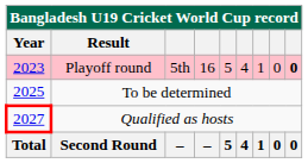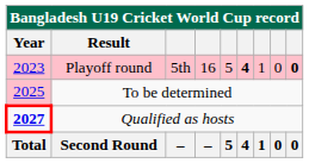 <table class="wikitable" style="text-align:center">
 <tr>
 <th style="color:white; background:#006A4E;" colspan=9>Bangladesh U19 Cricket World Cup record</th>
 </tr>
 <tr>
 <th>Year</th>
 <th>Result</th>
 <th></th>
 <th></th>
 <th></th>
 <th></th>
 <th></th>
 <th></th>
 <th></th>
 </tr>
 <tr bgcolor=pink>
 <td> <a href='#'>2023</a></td>
 <td>Playoff round</td>
 <td>5th</td>
 <td>16</td>
 <td>5</td>
-<td>4</td>
+<td><strong>4</strong></td>
 <td>1</td>
 <td>0</td>
 <td><strong>0</strong></td>
 </tr>
 <tr>
-<td> <a href='#'>2025</a></td>
+<td style="background: pink;"> <a href='#'>2025</a></td>
 <td colspan="8">To be determined</td>
 </tr>
 <tr>
-<td style="border: 3px solid red"> <a href='#'>2027</a></td>
+<td style="border: 3px solid red"><strong> <a href='#'>2027</a></strong></td>
 <td colspan="8"><em>Qualified as hosts</em></td>
 </tr>
 <tr>
 <th>Total</th>
 <th>Second Round</th>
 <th>–</th>
 <th>–</th>
 <th>5</th>
 <th>4</th>
 <th>1</th>
 <th>0</th>
 <th>0</th>
 </tr>
 </table>
